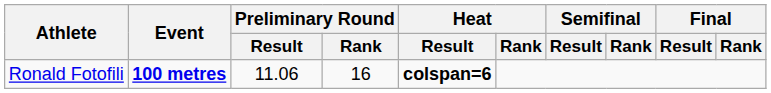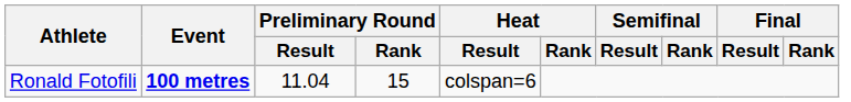 <table class=wikitable style=font-size:90%>
 <tr>
 <th rowspan=2>Athlete</th>
 <th rowspan=2>Event</th>
 <th colspan=2>Preliminary Round</th>
 <th colspan=2>Heat</th>
 <th colspan=2>Semifinal</th>
 <th colspan=2>Final</th>
 </tr>
 <tr style=font-size:95%>
 <th>Result</th>
 <th>Rank</th>
 <th>Result</th>
 <th>Rank</th>
 <th>Result</th>
 <th>Rank</th>
 <th>Result</th>
 <th>Rank</th>
 </tr>
 <tr align=center>
 <td align=left><a href='#'>Ronald Fotofili</a></td>
 <td align=left><strong><a href='#'>100 metres</a></strong></td>
-<td>11.06</td>
-<td>16</td>
-<td><strong>colspan=6 </strong></td>
+<td>11.04</td>
+<td>15</td>
+<td>colspan=6 </td>
 </tr>
 </table>
